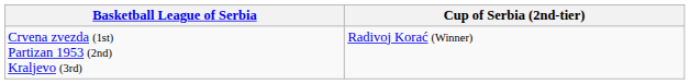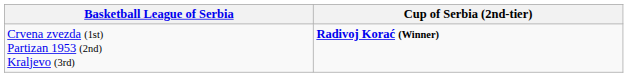 <table class=wikitable width=40%>
 <tr>
 <th width=13%><a href='#'>Basketball League of Serbia</a></th>
 <th width=13%>Cup of Serbia (2nd-tier)</th>
 </tr>
 <tr valign=top>
 <td><a href='#'>Crvena zvezda</a> <small>(1st)</small><br><a href='#'>Partizan 1953</a> <small>(2nd)</small><br><a href='#'>Kraljevo</a> <small>(3rd)</small></td>
-<td><a href='#'>Radivoj Korać</a> <small>(Winner)</small></td>
+<td><strong><a href='#'>Radivoj Korać</a> <small>(Winner)</small></strong></td>
 </tr>
 </table>
